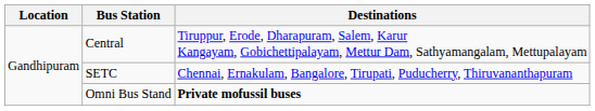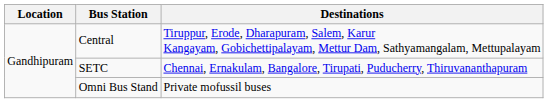 <table class="wikitable sortable" style="font-size: 85%">
 <tr>
 <th>Location</th>
 <th>Bus Station</th>
 <th>Destinations</th>
 </tr>
 <tr>
 <td rowspan="3">Gandhipuram</td>
 <td>Central</td>
 <td><a href='#'>Tiruppur</a>, <a href='#'>Erode</a>, <a href='#'>Dharapuram</a>, <a href='#'>Salem</a>, <a href='#'>Karur</a><br><a href='#'>Kangayam</a>, <a href='#'>Gobichettipalayam</a>, <a href='#'>Mettur Dam</a>, Sathyamangalam, Mettupalayam</td>
 </tr>
 <tr>
 <td>SETC</td>
 <td><a href='#'>Chennai</a>, <a href='#'>Ernakulam</a>, <a href='#'>Bangalore</a>, <a href='#'>Tirupati</a>, <a href='#'>Puducherry</a>, <a href='#'>Thiruvananthapuram</a></td>
 </tr>
 <tr>
 <td>Omni Bus Stand</td>
-<td><strong>Private mofussil buses</strong></td>
+<td>Private mofussil buses</td>
 </tr>
 </table>
